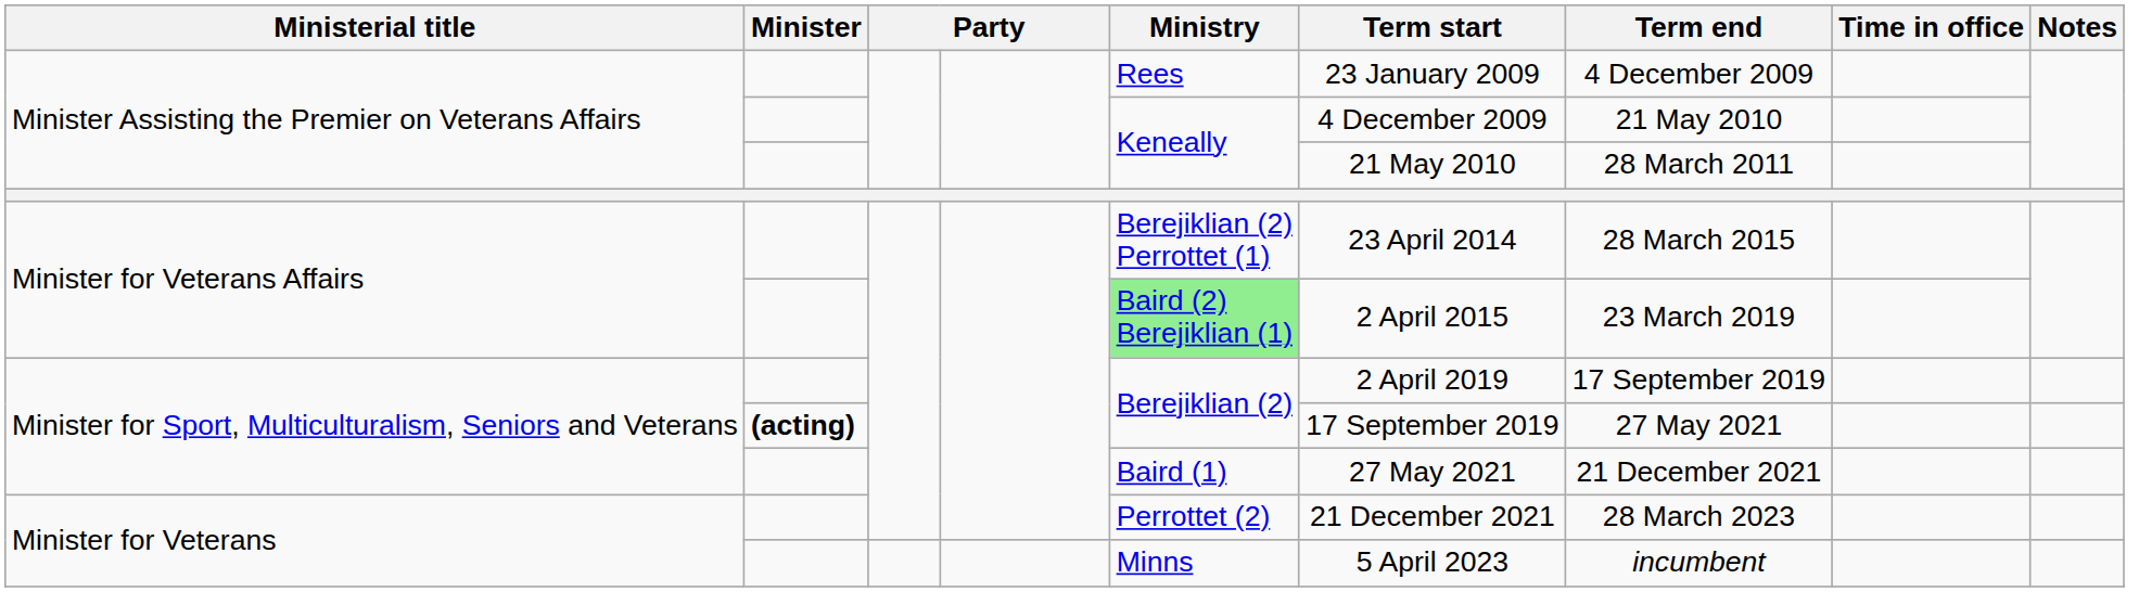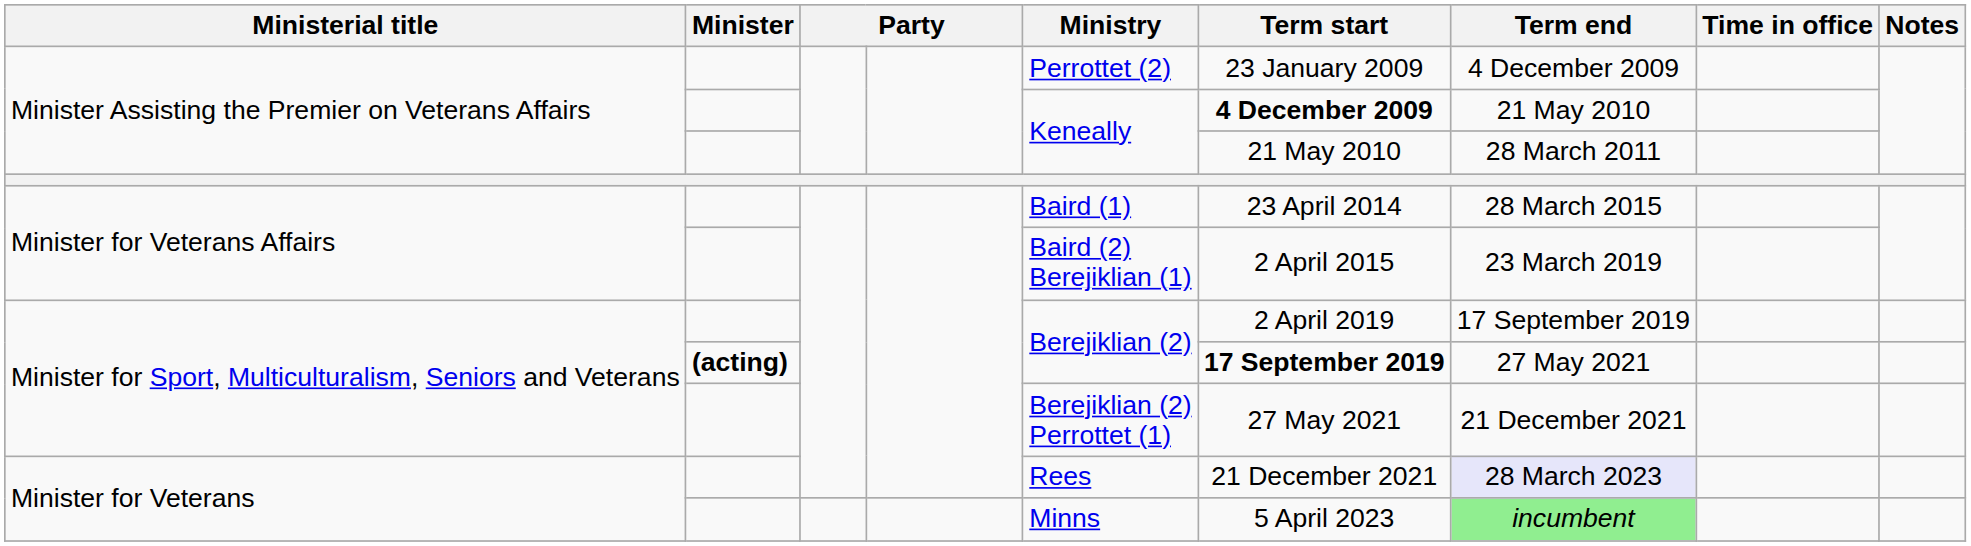 <table class="wikitable sortable">
 <tr>
 <th>Ministerial title</th>
 <th>Minister</th>
 <th colspan=2>Party</th>
 <th>Ministry</th>
 <th>Term start</th>
 <th>Term end</th>
 <th>Time in office</th>
 <th class="unsortable">Notes</th>
 </tr>
 <tr>
 <td rowspan=3>Minister Assisting the Premier on Veterans Affairs</td>
 <td></td>
 <td rowspan=3 > </td>
 <td rowspan=3 width=8%></td>
-<td><a href='#'>Rees</a></td>
+<td><a href='#'>Perrottet (2)</a></td>
 <td align=center>23 January 2009</td>
 <td align=center>4 December 2009</td>
 <td align=right></td>
 </tr>
 <tr>
 <td></td>
 <td rowspan=2><a href='#'>Keneally</a></td>
-<td align=center>4 December 2009</td>
+<td align=center><strong>4 December 2009</strong></td>
 <td align=center>21 May 2010</td>
 <td align=right></td>
 </tr>
 <tr>
 <td></td>
 <td align=center>21 May 2010</td>
 <td align=center>28 March 2011</td>
 <td align=right></td>
 </tr>
 <tr>
 <th colspan=9></th>
 </tr>
 <tr>
 <td rowspan=2>Minister for Veterans Affairs</td>
 <td></td>
 <td rowspan=6 > </td>
 <td rowspan=6></td>
-<td><a href='#'>Berejiklian (2)</a><br><a href='#'>Perrottet (1)</a></td>
+<td><a href='#'>Baird (1)</a></td>
 <td align=center>23 April 2014</td>
 <td align=center>28 March 2015</td>
 <td align=right></td>
 </tr>
 <tr>
 <td></td>
-<td style="background: lightgreen;"><a href='#'>Baird (2)</a><br><a href='#'>Berejiklian (1)</a></td>
+<td><a href='#'>Baird (2)</a><br><a href='#'>Berejiklian (1)</a></td>
 <td align=center>2 April 2015</td>
 <td align=center>23 March 2019</td>
 <td align=right><strong></strong></td>
 </tr>
 <tr>
 <td rowspan=3>Minister for <a href='#'>Sport</a>, <a href='#'>Multiculturalism</a>, <a href='#'>Seniors</a> and Veterans</td>
 <td></td>
 <td rowspan=2><a href='#'>Berejiklian (2)</a></td>
 <td align=center>2 April 2019</td>
 <td align=center>17 September 2019</td>
 <td align=right></td>
 <td></td>
 </tr>
 <tr>
 <td><strong> (acting)</strong></td>
-<td align=center>17 September 2019</td>
+<td align=center><strong>17 September 2019</strong></td>
 <td align=center>27 May 2021</td>
 <td align=right></td>
 </tr>
 <tr>
 <td></td>
-<td><a href='#'>Baird (1)</a></td>
+<td><a href='#'>Berejiklian (2)</a><br><a href='#'>Perrottet (1)</a></td>
 <td align=center>27 May 2021</td>
 <td align=center>21 December 2021</td>
 <td align=right></td>
 <td></td>
 </tr>
 <tr>
 <td rowspan=2>Minister for Veterans</td>
 <td></td>
-<td><a href='#'>Perrottet (2)</a></td>
+<td><a href='#'>Rees</a></td>
 <td align=center>21 December 2021</td>
-<td align=center>28 March 2023</td>
+<td align=center style="background: lavender;">28 March 2023</td>
 <td align=right></td>
 <td></td>
 </tr>
 <tr>
 <td></td>
 <td> </td>
 <td></td>
 <td><a href='#'>Minns</a></td>
 <td align=center>5 April 2023</td>
-<td align=center><em>incumbent</em></td>
+<td align=center style="background: lightgreen;"><em>incumbent</em></td>
 <td align=right></td>
 <td></td>
 </tr>
 </table>
